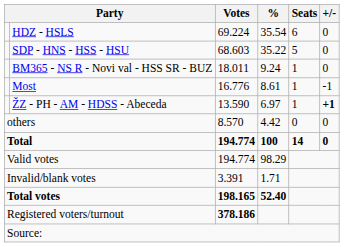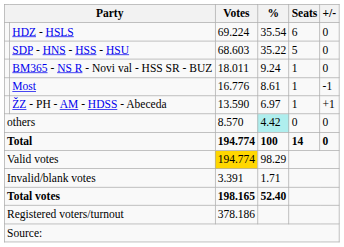 <table class="wikitable" style="text-align: left;">
 <tr>
 <th colspan="2">Party</th>
 <th>Votes</th>
 <th>%</th>
 <th>Seats</th>
 <th>+/-</th>
 </tr>
 <tr>
 <td style="background-color: "></td>
 <td><a href='#'>HDZ</a> - <a href='#'>HSLS</a></td>
 <td>69.224</td>
 <td>35.54</td>
 <td>6</td>
 <td>0</td>
 </tr>
 <tr>
 <td style="background-color: "></td>
 <td><a href='#'>SDP</a> - <a href='#'>HNS</a> - <a href='#'>HSS</a> - <a href='#'>HSU</a></td>
 <td>68.603</td>
 <td>35.22</td>
 <td>5</td>
 <td>0</td>
 </tr>
 <tr>
 <td style="background-color: "></td>
 <td><a href='#'>BM365</a> - <a href='#'>NS R</a> - Novi val - HSS SR - BUZ</td>
 <td>18.011</td>
 <td>9.24</td>
 <td>1</td>
 <td>0</td>
 </tr>
 <tr>
 <td style="background-color: "></td>
 <td><a href='#'>Most</a></td>
 <td>16.776</td>
 <td>8.61</td>
 <td>1</td>
 <td>-1</td>
 </tr>
 <tr>
 <td style="background-color: "></td>
 <td><a href='#'>ŽZ</a> - PH - <a href='#'>AM</a> - <a href='#'>HDSS</a> - Abeceda</td>
 <td>13.590</td>
 <td>6.97</td>
 <td>1</td>
-<td><strong>+1</strong></td>
+<td>+1</td>
 </tr>
 <tr>
 <td colspan="2">others</td>
 <td>8.570</td>
-<td>4.42</td>
+<td style="background: paleturquoise;">4.42</td>
 <td>0</td>
 <td>0</td>
 </tr>
 <tr>
 <td colspan="2"><strong>Total</strong></td>
 <td><strong>194.774</strong></td>
 <td><strong>100</strong></td>
 <td><strong>14</strong></td>
 <td><strong>0</strong></td>
 </tr>
 <tr>
 <td colspan="2">Valid votes</td>
-<td>194.774</td>
+<td style="background: gold;">194.774</td>
 <td>98.29</td>
 <td colspan="2"></td>
 </tr>
 <tr>
 <td colspan="2">Invalid/blank votes</td>
 <td>3.391</td>
 <td>1.71</td>
 <td colspan="2"></td>
 </tr>
 <tr>
 <td colspan="2"><strong>Total votes</strong></td>
 <td><strong>198.165</strong></td>
 <td><strong>52.40</strong></td>
 <td colspan="2"></td>
 </tr>
 <tr>
 <td colspan="2">Registered voters/turnout</td>
-<td votes14="5343"><strong>378.186</strong></td>
+<td votes14="5343">378.186</td>
 <td></td>
 <td colspan="2"></td>
 </tr>
 <tr>
 <td colspan="6">Source: </td>
 </tr>
 </table>
